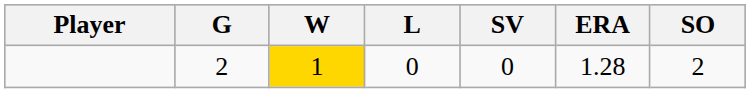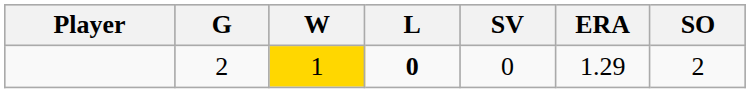 <table class="wikitable sortable">
 <tr>
 <th bgcolor="#DDDDFF" width="16%">Player</th>
 <th bgcolor="#DDDDFF" width="9%">G</th>
 <th bgcolor="#DDDDFF" width="9%">W</th>
 <th bgcolor="#DDDDFF" width="9%">L</th>
 <th bgcolor="#DDDDFF" width="9%">SV</th>
 <th bgcolor="#DDDDFF" width="9%">ERA</th>
 <th bgcolor="#DDDDFF" width="9%">SO</th>
 </tr>
 <tr align="center">
 <td></td>
 <td>2</td>
 <td style="background: gold;">1</td>
+<td><strong>0</strong></td>
 <td>0</td>
-<td>0</td>
-<td>1.28</td>
+<td>1.29</td>
 <td>2</td>
 </tr>
 </table>
